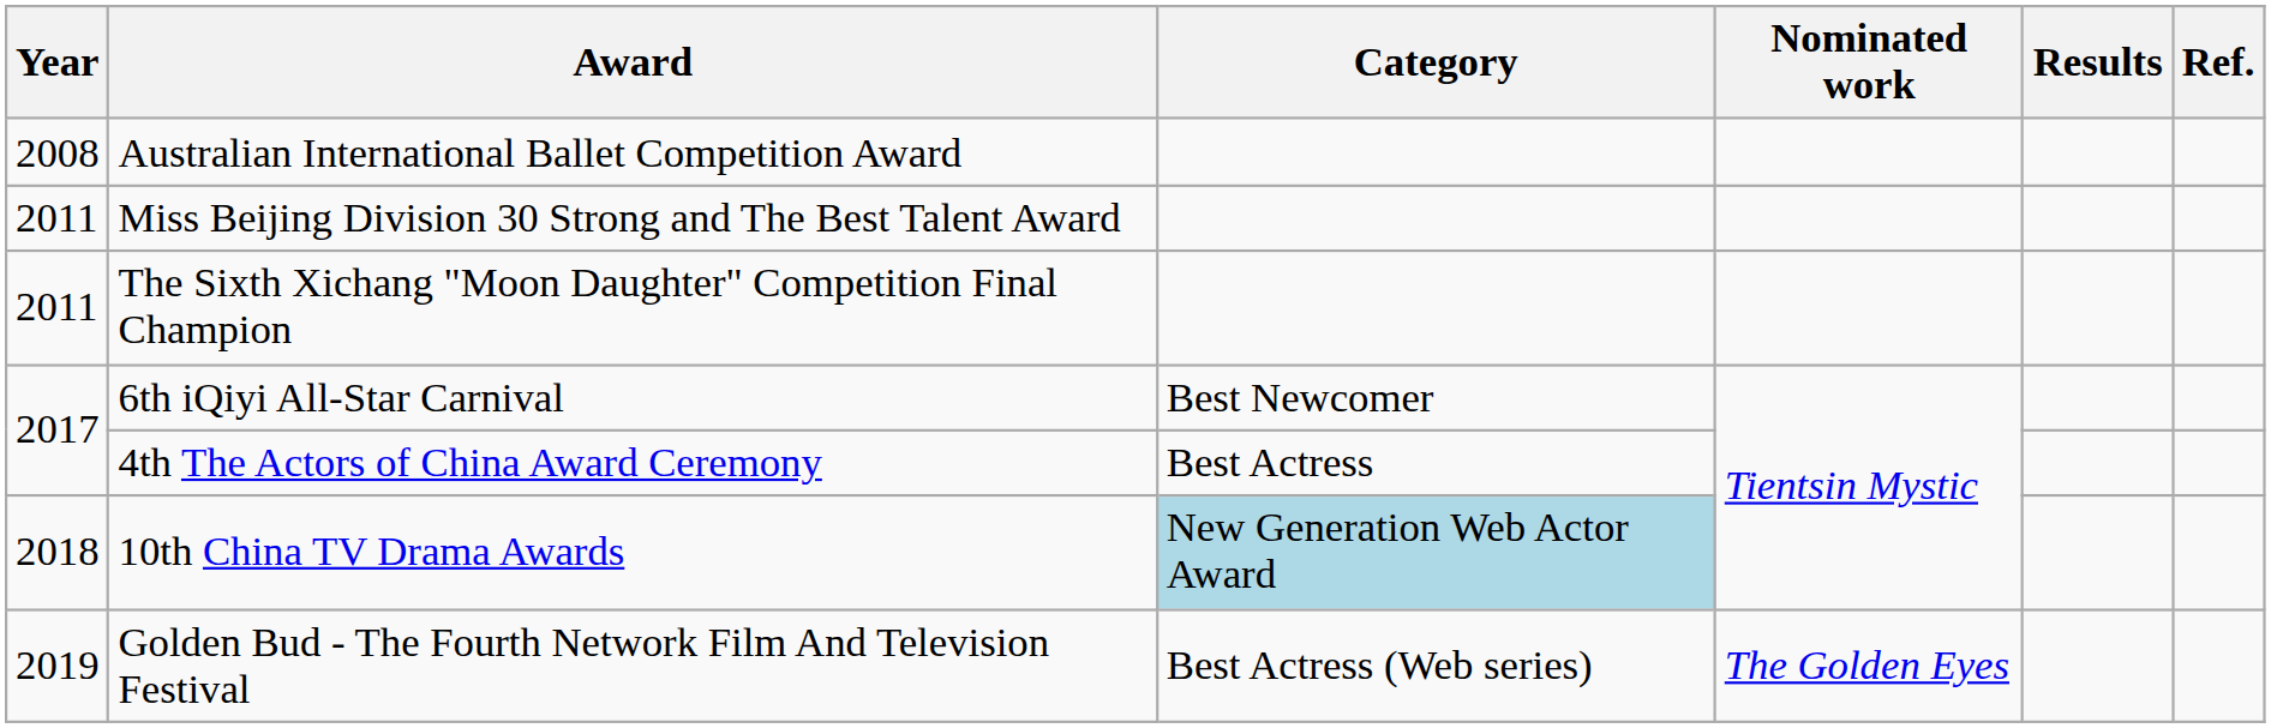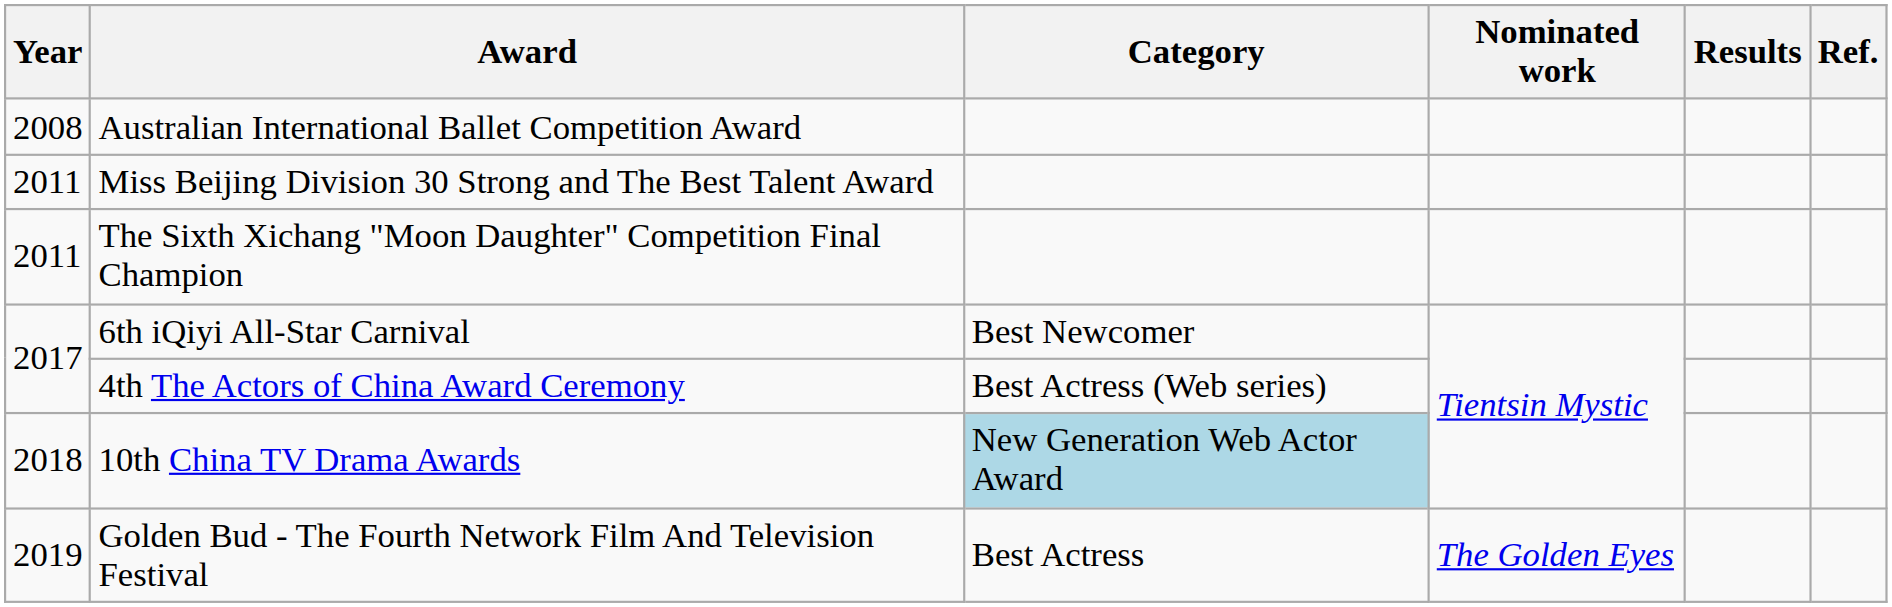 <table class="wikitable">
 <tr>
 <th>Year</th>
 <th>Award</th>
 <th>Category</th>
 <th>Nominated work</th>
 <th>Results</th>
 <th>Ref.</th>
 </tr>
 <tr>
 <td>2008</td>
 <td>Australian International Ballet Competition Award</td>
 <td></td>
 <td></td>
 <td></td>
 <td></td>
 </tr>
 <tr>
 <td>2011</td>
 <td>Miss Beijing Division 30 Strong and The Best Talent Award</td>
 <td></td>
 <td></td>
 <td></td>
 <td></td>
 </tr>
 <tr>
 <td>2011</td>
 <td>The Sixth Xichang "Moon Daughter" Competition Final Champion</td>
 <td></td>
 <td></td>
 <td></td>
 <td></td>
 </tr>
 <tr>
 <td rowspan=2>2017</td>
 <td>6th iQiyi All-Star Carnival</td>
 <td>Best Newcomer</td>
 <td rowspan=3><em><a href='#'>Tientsin Mystic</a></em></td>
 <td></td>
 <td></td>
 </tr>
 <tr>
 <td>4th <a href='#'>The Actors of China Award Ceremony</a></td>
-<td>Best Actress</td>
+<td>Best Actress (Web series)</td>
 <td></td>
 <td></td>
 </tr>
 <tr>
 <td>2018</td>
 <td>10th <a href='#'>China TV Drama Awards</a></td>
 <td style="background: lightblue;">New Generation Web Actor Award</td>
 <td></td>
 <td></td>
 </tr>
 <tr>
 <td>2019</td>
 <td>Golden Bud - The Fourth Network Film And Television Festival</td>
-<td>Best Actress (Web series)</td>
+<td>Best Actress</td>
 <td><em><a href='#'>The Golden Eyes</a></em></td>
 <td></td>
 <td></td>
 </tr>
 </table>
